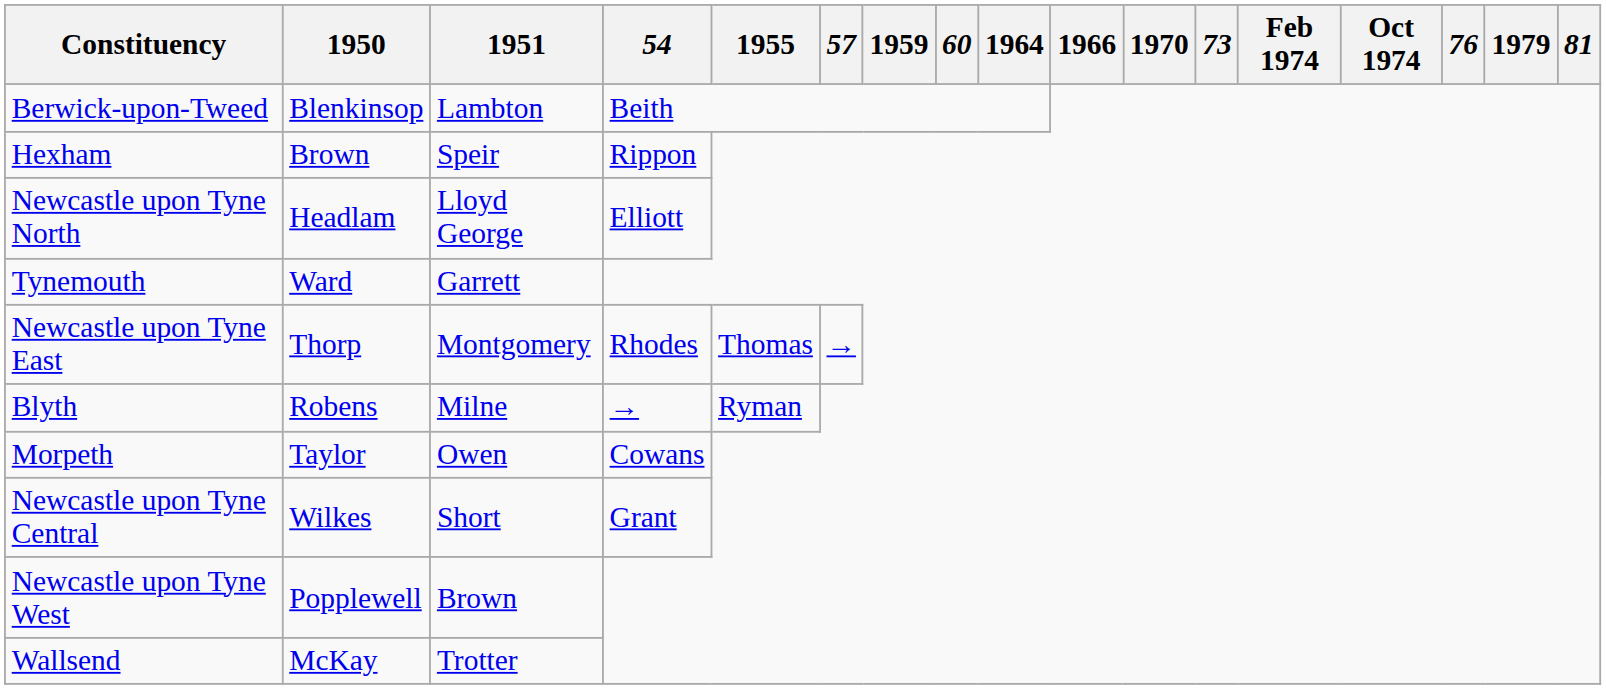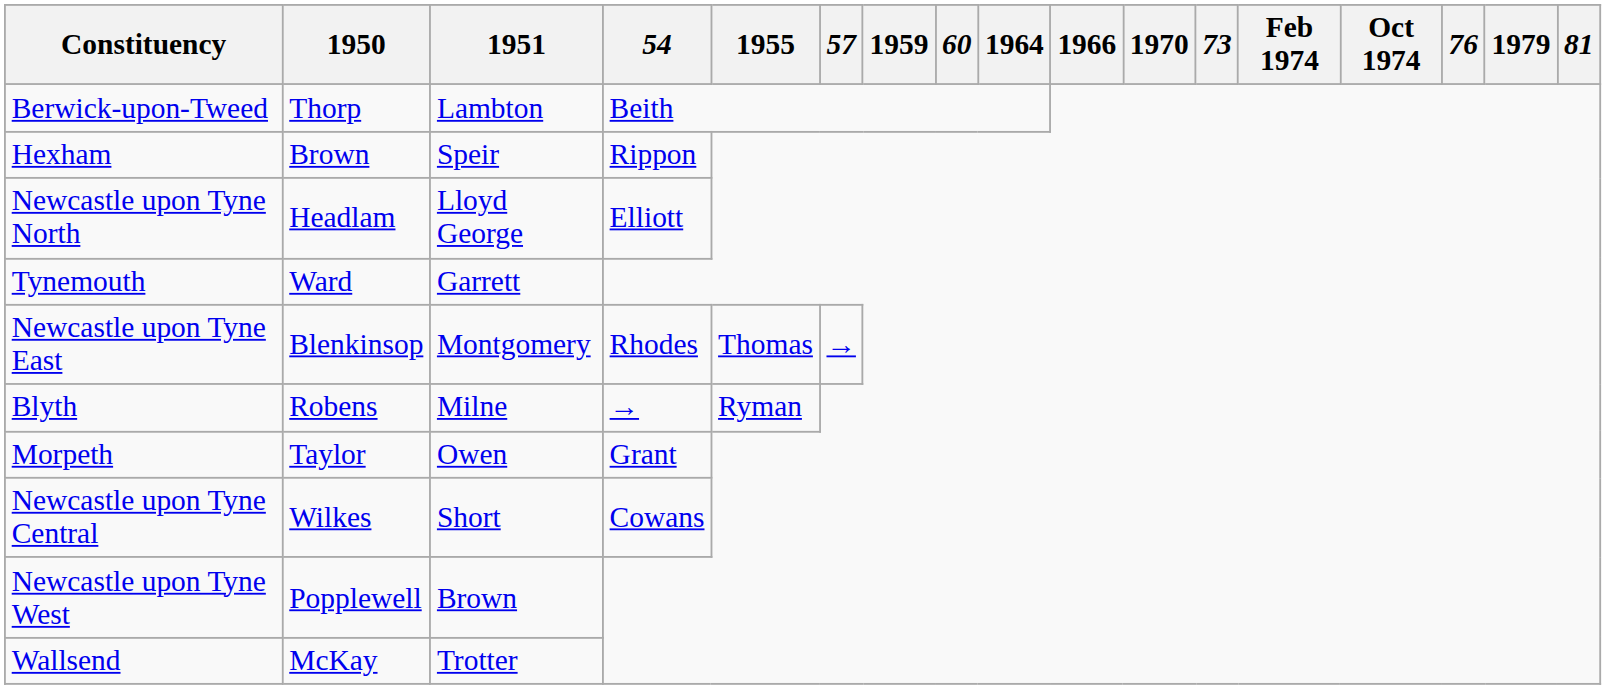 <table class="wikitable">
 <tr>
 <th>Constituency</th>
 <th>1950</th>
 <th>1951</th>
 <th><em>54</em></th>
 <th>1955</th>
 <th><em>57</em></th>
 <th>1959</th>
 <th><em>60</em></th>
 <th>1964</th>
 <th>1966</th>
 <th>1970</th>
 <th><em>73</em></th>
 <th>Feb 1974</th>
 <th>Oct 1974</th>
 <th><em>76</em></th>
 <th>1979</th>
 <th><em>81</em></th>
 </tr>
 <tr>
 <td><a href='#'>Berwick-upon-Tweed</a></td>
-<td><a href='#'>Blenkinsop</a></td>
+<td><a href='#'>Thorp</a></td>
 <td><a href='#'>Lambton</a></td>
 <td colspan="6"><a href='#'>Beith</a></td>
 </tr>
 <tr>
 <td><a href='#'>Hexham</a></td>
 <td><a href='#'>Brown</a></td>
 <td><a href='#'>Speir</a></td>
 <td><a href='#'>Rippon</a></td>
 </tr>
 <tr>
 <td><a href='#'>Newcastle upon Tyne North</a></td>
 <td><a href='#'>Headlam</a></td>
 <td><a href='#'>Lloyd George</a></td>
 <td><a href='#'>Elliott</a></td>
 </tr>
 <tr>
 <td><a href='#'>Tynemouth</a></td>
 <td><a href='#'>Ward</a></td>
 <td><a href='#'>Garrett</a></td>
 </tr>
 <tr>
 <td><a href='#'>Newcastle upon Tyne East</a></td>
-<td><a href='#'>Thorp</a></td>
+<td><a href='#'>Blenkinsop</a></td>
 <td><a href='#'>Montgomery</a></td>
 <td><a href='#'>Rhodes</a></td>
 <td><a href='#'>Thomas</a></td>
 <td><a href='#'>→</a></td>
 </tr>
 <tr>
 <td><a href='#'>Blyth</a></td>
 <td><a href='#'>Robens</a></td>
 <td><a href='#'>Milne</a></td>
 <td><a href='#'>→</a></td>
 <td><a href='#'>Ryman</a></td>
 </tr>
 <tr>
 <td><a href='#'>Morpeth</a></td>
 <td><a href='#'>Taylor</a></td>
 <td><a href='#'>Owen</a></td>
-<td><a href='#'>Cowans</a></td>
+<td><a href='#'>Grant</a></td>
 </tr>
 <tr>
 <td><a href='#'>Newcastle upon Tyne Central</a></td>
 <td><a href='#'>Wilkes</a></td>
 <td><a href='#'>Short</a></td>
-<td><a href='#'>Grant</a></td>
+<td><a href='#'>Cowans</a></td>
 </tr>
 <tr>
 <td><a href='#'>Newcastle upon Tyne West</a></td>
 <td><a href='#'>Popplewell</a></td>
 <td><a href='#'>Brown</a></td>
 </tr>
 <tr>
 <td><a href='#'>Wallsend</a></td>
 <td><a href='#'>McKay</a></td>
 <td><a href='#'>Trotter</a></td>
 </tr>
 </table>
